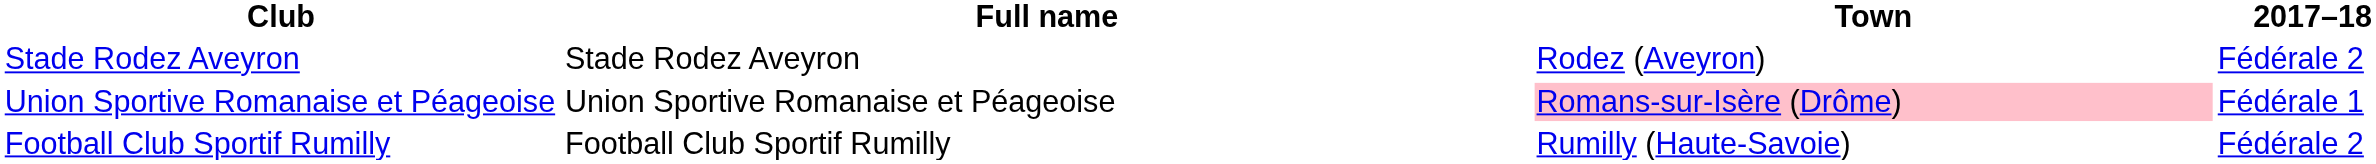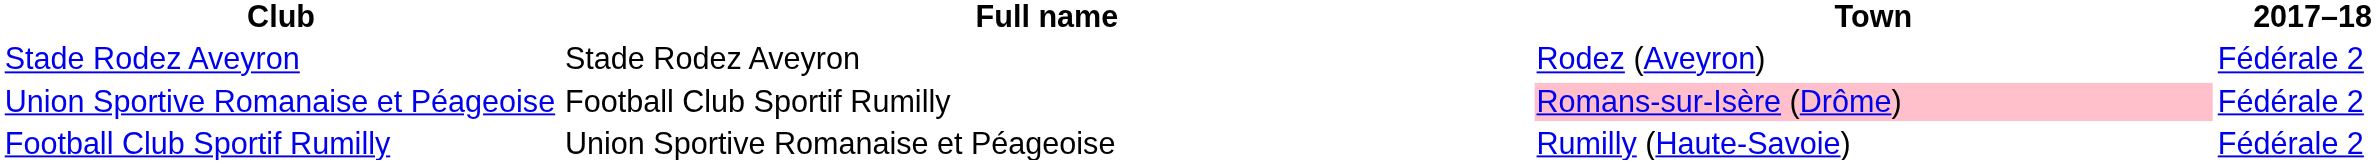 <table style="width:100%;">
 <tr>
 <th style="width:23%;">Club</th>
 <th style="width:40%;">Full name</th>
 <th style="width:28%;">Town</th>
 <th style="width:8%;">2017–18</th>
 </tr>
 <tr>
 <td><a href='#'>Stade Rodez Aveyron</a></td>
 <td>Stade Rodez Aveyron</td>
 <td><a href='#'>Rodez</a> (<a href='#'>Aveyron</a>)</td>
 <td><a href='#'>Fédérale 2</a></td>
 </tr>
 <tr>
 <td><a href='#'>Union Sportive Romanaise et Péageoise</a></td>
-<td>Union Sportive Romanaise et Péageoise</td>
+<td>Football Club Sportif Rumilly</td>
 <td style="background: pink;"><a href='#'>Romans-sur-Isère</a> (<a href='#'>Drôme</a>)</td>
-<td><a href='#'>Fédérale 1</a></td>
+<td><a href='#'>Fédérale 2</a></td>
 </tr>
 <tr>
 <td><a href='#'>Football Club Sportif Rumilly</a></td>
-<td>Football Club Sportif Rumilly</td>
+<td>Union Sportive Romanaise et Péageoise</td>
 <td><a href='#'>Rumilly</a> (<a href='#'>Haute-Savoie</a>)</td>
 <td><a href='#'>Fédérale 2</a></td>
 </tr>
 </table>
